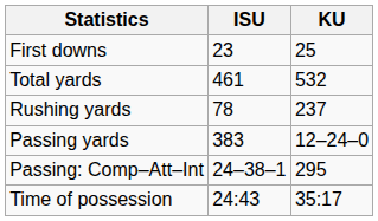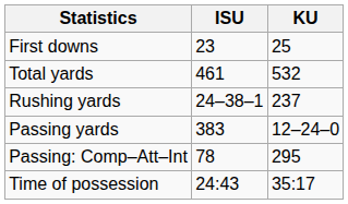 <table class="wikitable" style="float: left;">
 <tr>
 <th>Statistics</th>
 <th>ISU</th>
 <th>KU</th>
 </tr>
 <tr>
 <td>First downs</td>
 <td>23</td>
 <td>25</td>
 </tr>
 <tr>
 <td>Total yards</td>
 <td>461</td>
 <td>532</td>
 </tr>
 <tr>
 <td>Rushing yards</td>
-<td>78</td>
+<td>24–38–1</td>
 <td>237</td>
 </tr>
 <tr>
 <td>Passing yards</td>
 <td>383</td>
 <td>12–24–0</td>
 </tr>
 <tr>
 <td>Passing: Comp–Att–Int</td>
-<td>24–38–1</td>
+<td>78</td>
 <td>295</td>
 </tr>
 <tr>
 <td>Time of possession</td>
 <td>24:43</td>
 <td>35:17</td>
 </tr>
 <tr>
 </tr>
 </table>
